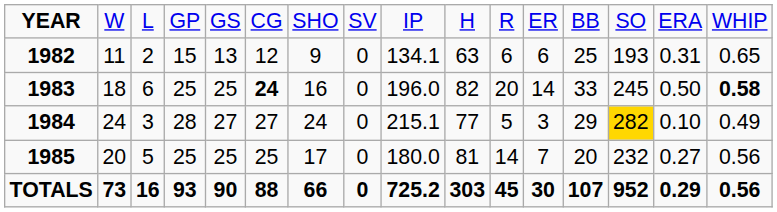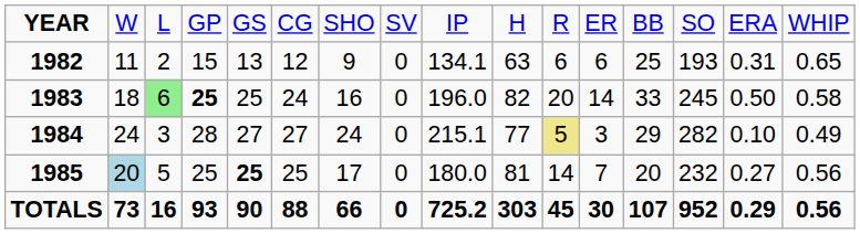 <table class="wikitable">
 <tr align=center>
 <td><strong>YEAR</strong></td>
 <td><a href='#'>W</a></td>
 <td><a href='#'>L</a></td>
 <td><a href='#'>GP</a></td>
 <td><a href='#'>GS</a></td>
 <td><a href='#'>CG</a></td>
 <td><a href='#'>SHO</a></td>
 <td><a href='#'>SV</a></td>
 <td><a href='#'>IP</a></td>
 <td><a href='#'>H</a></td>
 <td><a href='#'>R</a></td>
 <td><a href='#'>ER</a></td>
 <td><a href='#'>BB</a></td>
 <td><a href='#'>SO</a></td>
 <td><a href='#'>ERA</a></td>
 <td><a href='#'>WHIP</a></td>
 </tr>
 <tr align=center>
 <td><strong>1982</strong></td>
 <td>11</td>
 <td>2</td>
 <td>15</td>
 <td>13</td>
 <td>12</td>
 <td>9</td>
 <td>0</td>
 <td>134.1</td>
 <td>63</td>
 <td>6</td>
 <td>6</td>
 <td>25</td>
 <td>193</td>
 <td>0.31</td>
 <td>0.65</td>
 </tr>
 <tr align=center>
 <td><strong>1983</strong></td>
 <td>18</td>
-<td>6</td>
+<td style="background: lightgreen;">6</td>
+<td><strong>25</strong></td>
 <td>25</td>
-<td>25</td>
-<td><strong>24</strong></td>
+<td>24</td>
 <td>16</td>
 <td>0</td>
 <td>196.0</td>
 <td>82</td>
 <td>20</td>
 <td>14</td>
 <td>33</td>
 <td>245</td>
 <td>0.50</td>
-<td><strong>0.58</strong></td>
+<td>0.58</td>
 </tr>
 <tr align=center>
 <td><strong>1984</strong></td>
 <td>24</td>
 <td>3</td>
 <td>28</td>
 <td>27</td>
 <td>27</td>
 <td>24</td>
 <td>0</td>
 <td>215.1</td>
 <td>77</td>
-<td>5</td>
+<td style="background: khaki;">5</td>
 <td>3</td>
 <td>29</td>
-<td style="background: gold;">282</td>
+<td>282</td>
 <td>0.10</td>
 <td>0.49</td>
 </tr>
 <tr align=center>
 <td><strong>1985</strong></td>
-<td>20</td>
+<td style="background: lightblue;">20</td>
 <td>5</td>
 <td>25</td>
-<td>25</td>
+<td><strong>25</strong></td>
 <td>25</td>
 <td>17</td>
 <td>0</td>
 <td>180.0</td>
 <td>81</td>
 <td>14</td>
 <td>7</td>
 <td>20</td>
 <td>232</td>
 <td>0.27</td>
 <td>0.56</td>
 </tr>
 <tr align=center>
 <td><strong>TOTALS</strong></td>
 <td><strong>73</strong></td>
 <td><strong>16</strong></td>
 <td><strong>93</strong></td>
 <td><strong>90</strong></td>
 <td><strong>88</strong></td>
 <td><strong>66</strong></td>
 <td><strong>0</strong></td>
 <td><strong>725.2</strong></td>
 <td><strong>303</strong></td>
 <td><strong>45</strong></td>
 <td><strong>30</strong></td>
 <td><strong>107</strong></td>
 <td><strong>952</strong></td>
 <td><strong>0.29</strong></td>
 <td><strong>0.56</strong></td>
 </tr>
 </table>
